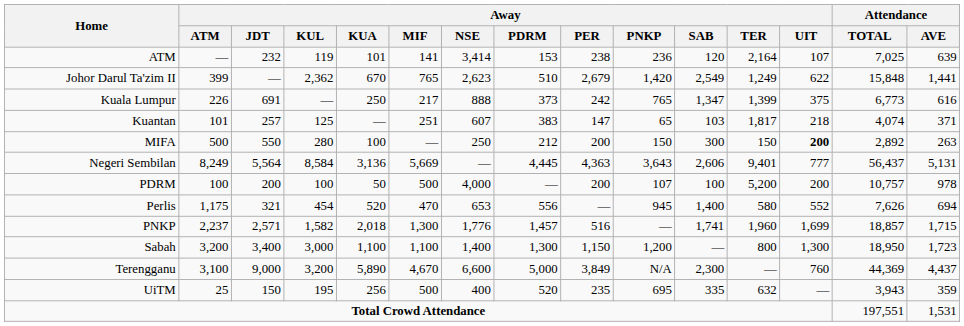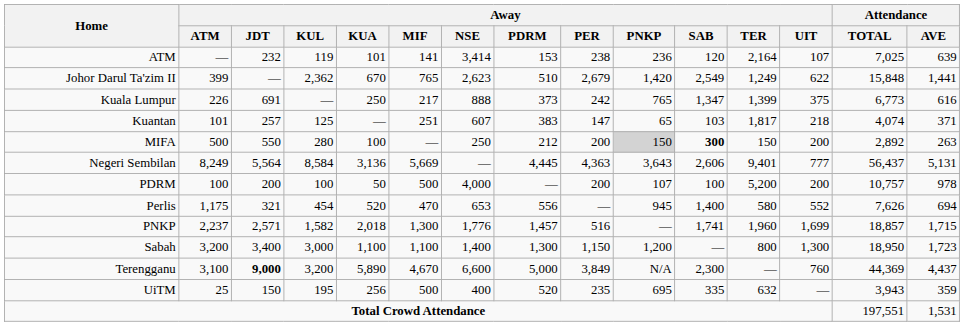 <table class="wikitable" style="text-align:right; font-size:90%; width:85%;">
 <tr>
 <th rowspan="2">Home</th>
 <th colspan="12">Away</th>
 <th colspan="2">Attendance</th>
 </tr>
 <tr>
 <th>ATM</th>
 <th>JDT</th>
 <th>KUL</th>
 <th>KUA</th>
 <th>MIF</th>
 <th>NSE</th>
 <th>PDRM</th>
 <th>PER</th>
 <th>PNKP</th>
 <th>SAB</th>
 <th>TER</th>
 <th>UIT</th>
 <th>TOTAL</th>
 <th>AVE</th>
 </tr>
 <tr>
 <td>ATM</td>
 <td>—</td>
 <td>232</td>
 <td>119</td>
 <td>101</td>
 <td>141</td>
 <td>3,414</td>
 <td>153</td>
 <td>238</td>
 <td>236</td>
 <td>120</td>
 <td>2,164</td>
 <td>107</td>
 <td>7,025</td>
 <td>639</td>
 </tr>
 <tr>
 <td>Johor Darul Ta'zim II</td>
 <td>399</td>
 <td>—</td>
 <td>2,362</td>
 <td>670</td>
 <td>765</td>
 <td>2,623</td>
 <td>510</td>
 <td>2,679</td>
 <td>1,420</td>
 <td>2,549</td>
 <td>1,249</td>
 <td>622</td>
 <td>15,848</td>
 <td>1,441</td>
 </tr>
 <tr>
 <td>Kuala Lumpur</td>
 <td>226</td>
 <td>691</td>
 <td>—</td>
 <td>250</td>
 <td>217</td>
 <td>888</td>
 <td>373</td>
 <td>242</td>
 <td>765</td>
 <td>1,347</td>
 <td>1,399</td>
 <td>375</td>
 <td>6,773</td>
 <td>616</td>
 </tr>
 <tr>
 <td>Kuantan</td>
 <td>101</td>
 <td>257</td>
 <td>125</td>
 <td>—</td>
 <td>251</td>
 <td>607</td>
 <td>383</td>
 <td>147</td>
 <td>65</td>
 <td>103</td>
 <td>1,817</td>
 <td>218</td>
 <td>4,074</td>
 <td>371</td>
 </tr>
 <tr>
 <td>MIFA</td>
 <td>500</td>
 <td>550</td>
 <td>280</td>
 <td>100</td>
 <td>—</td>
 <td>250</td>
 <td>212</td>
 <td>200</td>
+<td style="background: lightgrey;">150</td>
+<td><strong>300</strong></td>
 <td>150</td>
-<td>300</td>
-<td>150</td>
-<td><strong>200</strong></td>
+<td>200</td>
 <td>2,892</td>
 <td>263</td>
 </tr>
 <tr>
 <td>Negeri Sembilan</td>
 <td>8,249</td>
 <td>5,564</td>
 <td>8,584</td>
 <td>3,136</td>
 <td>5,669</td>
 <td>—</td>
 <td>4,445</td>
 <td>4,363</td>
 <td>3,643</td>
 <td>2,606</td>
 <td>9,401</td>
 <td>777</td>
 <td>56,437</td>
 <td>5,131</td>
 </tr>
 <tr>
 <td>PDRM</td>
 <td>100</td>
 <td>200</td>
 <td>100</td>
 <td>50</td>
 <td>500</td>
 <td>4,000</td>
 <td>—</td>
 <td>200</td>
 <td>107</td>
 <td>100</td>
 <td>5,200</td>
 <td>200</td>
 <td>10,757</td>
 <td>978</td>
 </tr>
 <tr>
 <td>Perlis</td>
 <td>1,175</td>
 <td>321</td>
 <td>454</td>
 <td>520</td>
 <td>470</td>
 <td>653</td>
 <td>556</td>
 <td>—</td>
 <td>945</td>
 <td>1,400</td>
 <td>580</td>
 <td>552</td>
 <td>7,626</td>
 <td>694</td>
 </tr>
 <tr>
 <td>PNKP</td>
 <td>2,237</td>
 <td>2,571</td>
 <td>1,582</td>
 <td>2,018</td>
 <td>1,300</td>
 <td>1,776</td>
 <td>1,457</td>
 <td>516</td>
 <td>—</td>
 <td>1,741</td>
 <td>1,960</td>
 <td>1,699</td>
 <td>18,857</td>
 <td>1,715</td>
 </tr>
 <tr>
 <td>Sabah</td>
 <td>3,200</td>
 <td>3,400</td>
 <td>3,000</td>
 <td>1,100</td>
 <td>1,100</td>
 <td>1,400</td>
 <td>1,300</td>
 <td>1,150</td>
 <td>1,200</td>
 <td>—</td>
 <td>800</td>
 <td>1,300</td>
 <td>18,950</td>
 <td>1,723</td>
 </tr>
 <tr>
 <td>Terengganu</td>
 <td>3,100</td>
-<td>9,000</td>
+<td><strong>9,000</strong></td>
 <td>3,200</td>
 <td>5,890</td>
 <td>4,670</td>
 <td>6,600</td>
 <td>5,000</td>
 <td>3,849</td>
 <td>N/A</td>
 <td>2,300</td>
 <td>—</td>
 <td>760</td>
 <td>44,369</td>
 <td>4,437</td>
 </tr>
 <tr>
 <td>UiTM</td>
 <td>25</td>
 <td>150</td>
 <td>195</td>
 <td>256</td>
 <td>500</td>
 <td>400</td>
 <td>520</td>
 <td>235</td>
 <td>695</td>
 <td>335</td>
 <td>632</td>
 <td>—</td>
 <td>3,943</td>
 <td>359</td>
 </tr>
 <tr>
 <td colspan="13" align=center><strong>Total Crowd Attendance</strong></td>
 <td>197,551</td>
 <td>1,531</td>
 </tr>
 </table>
